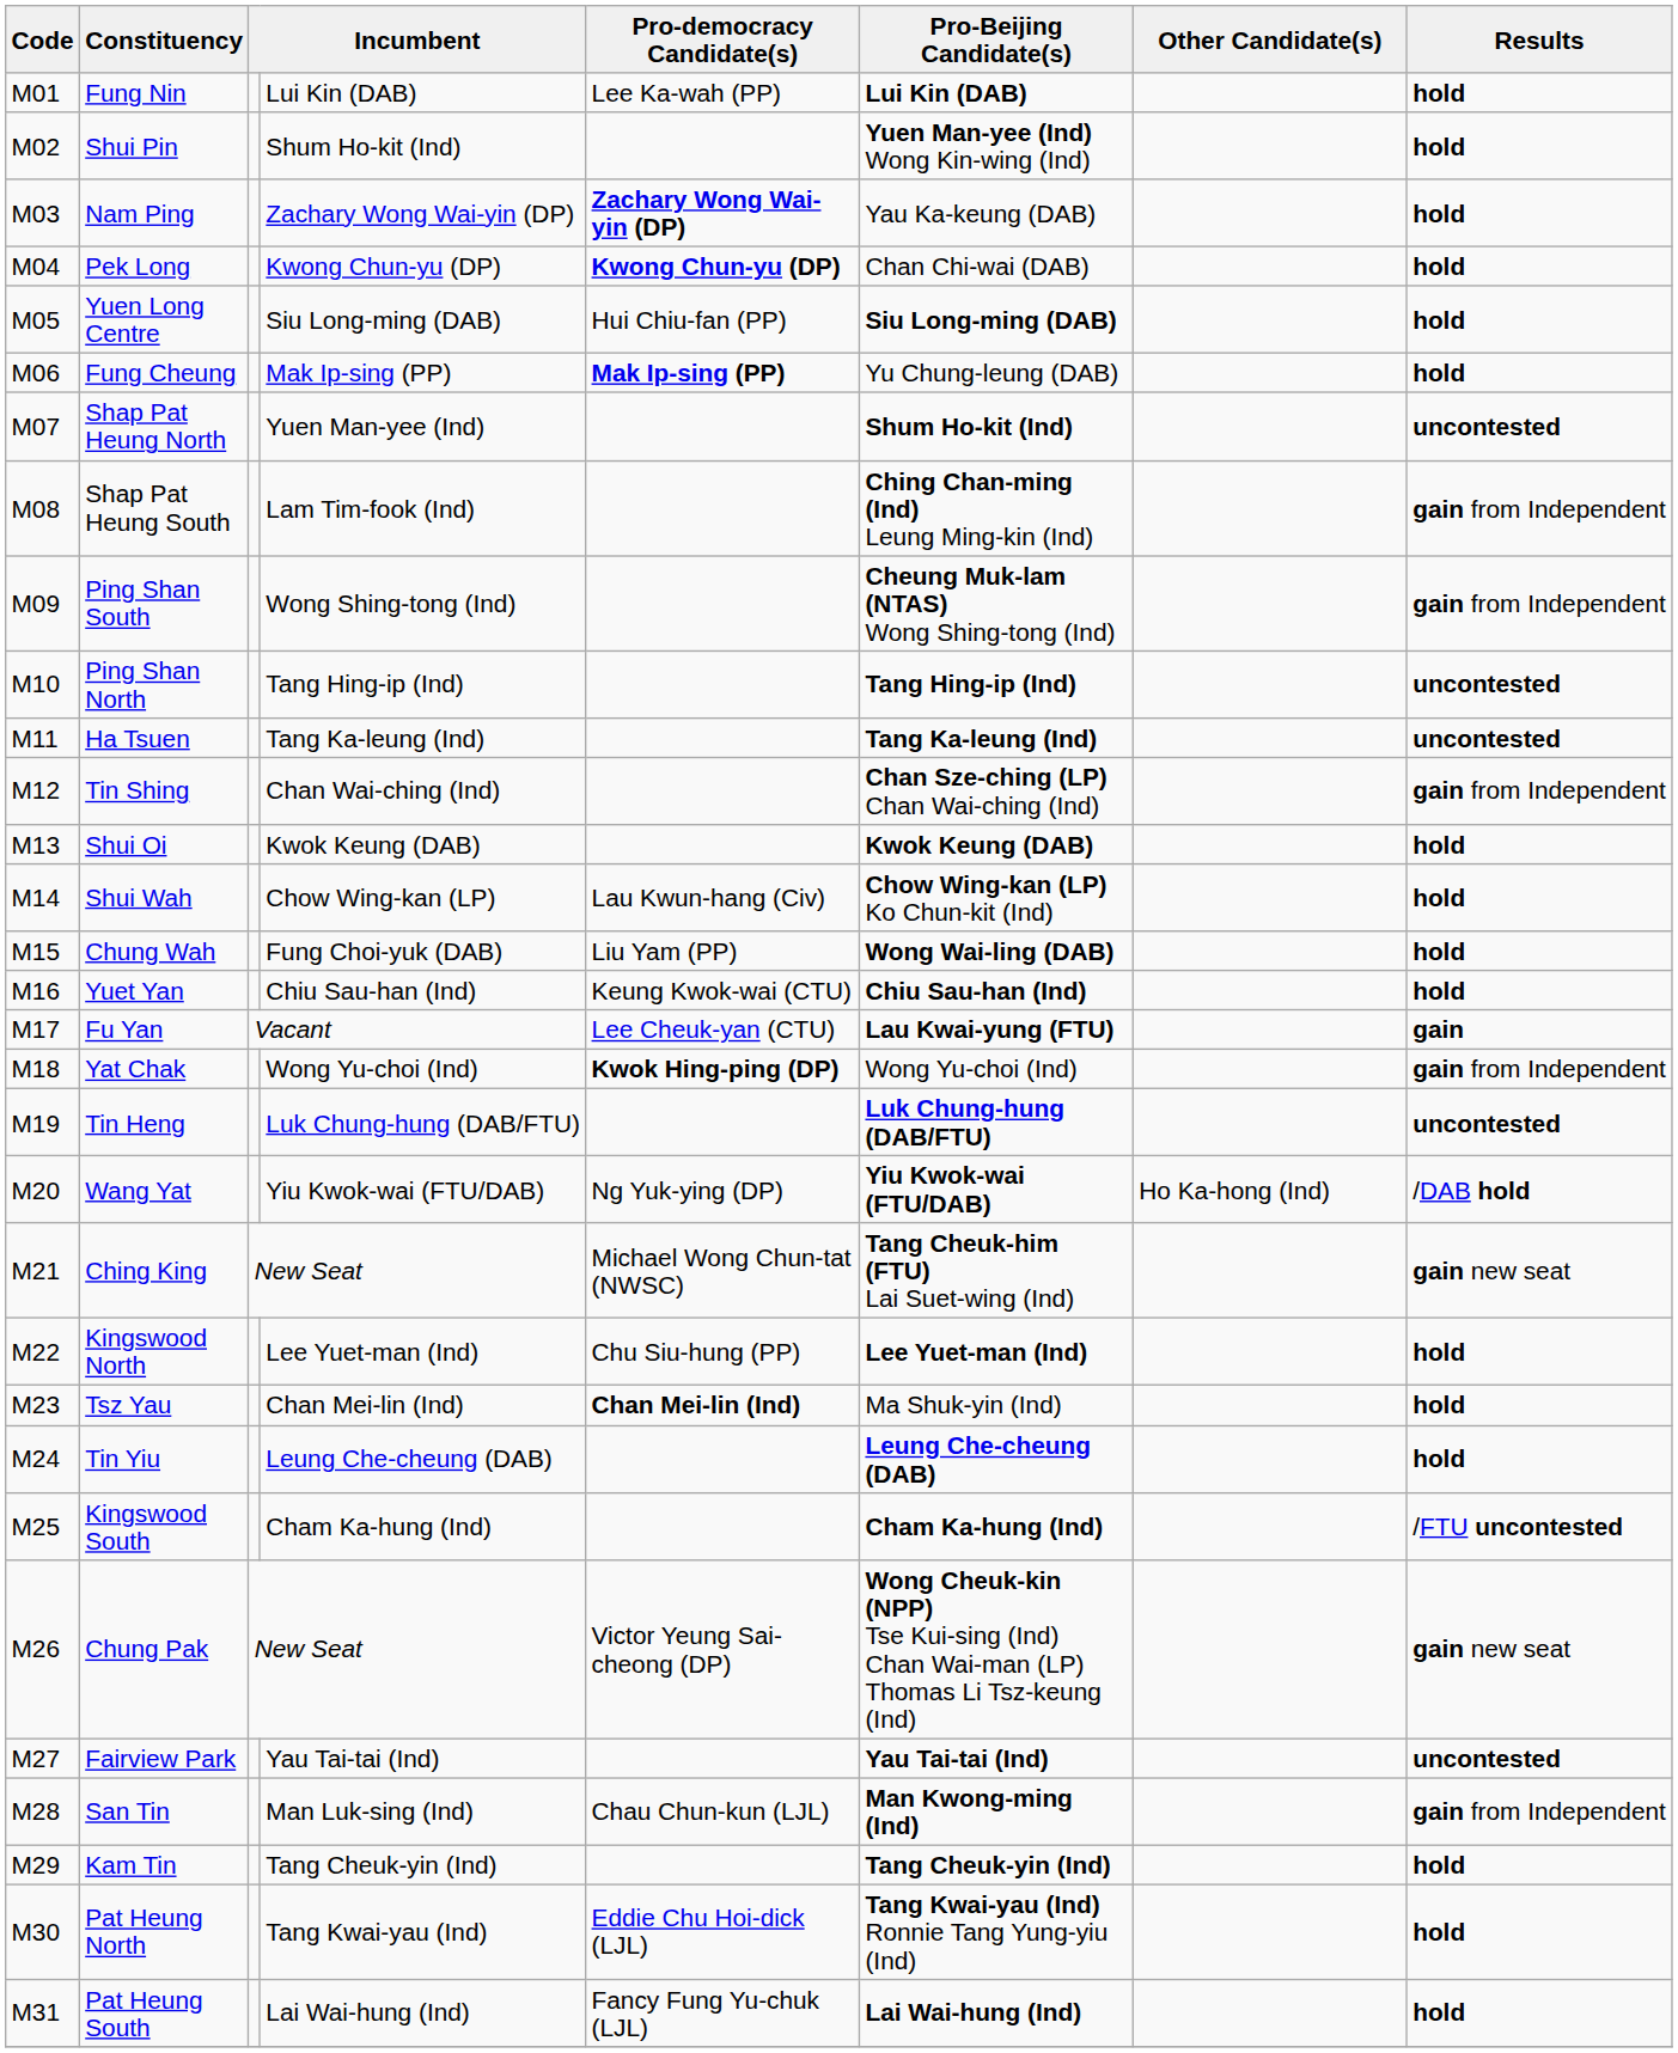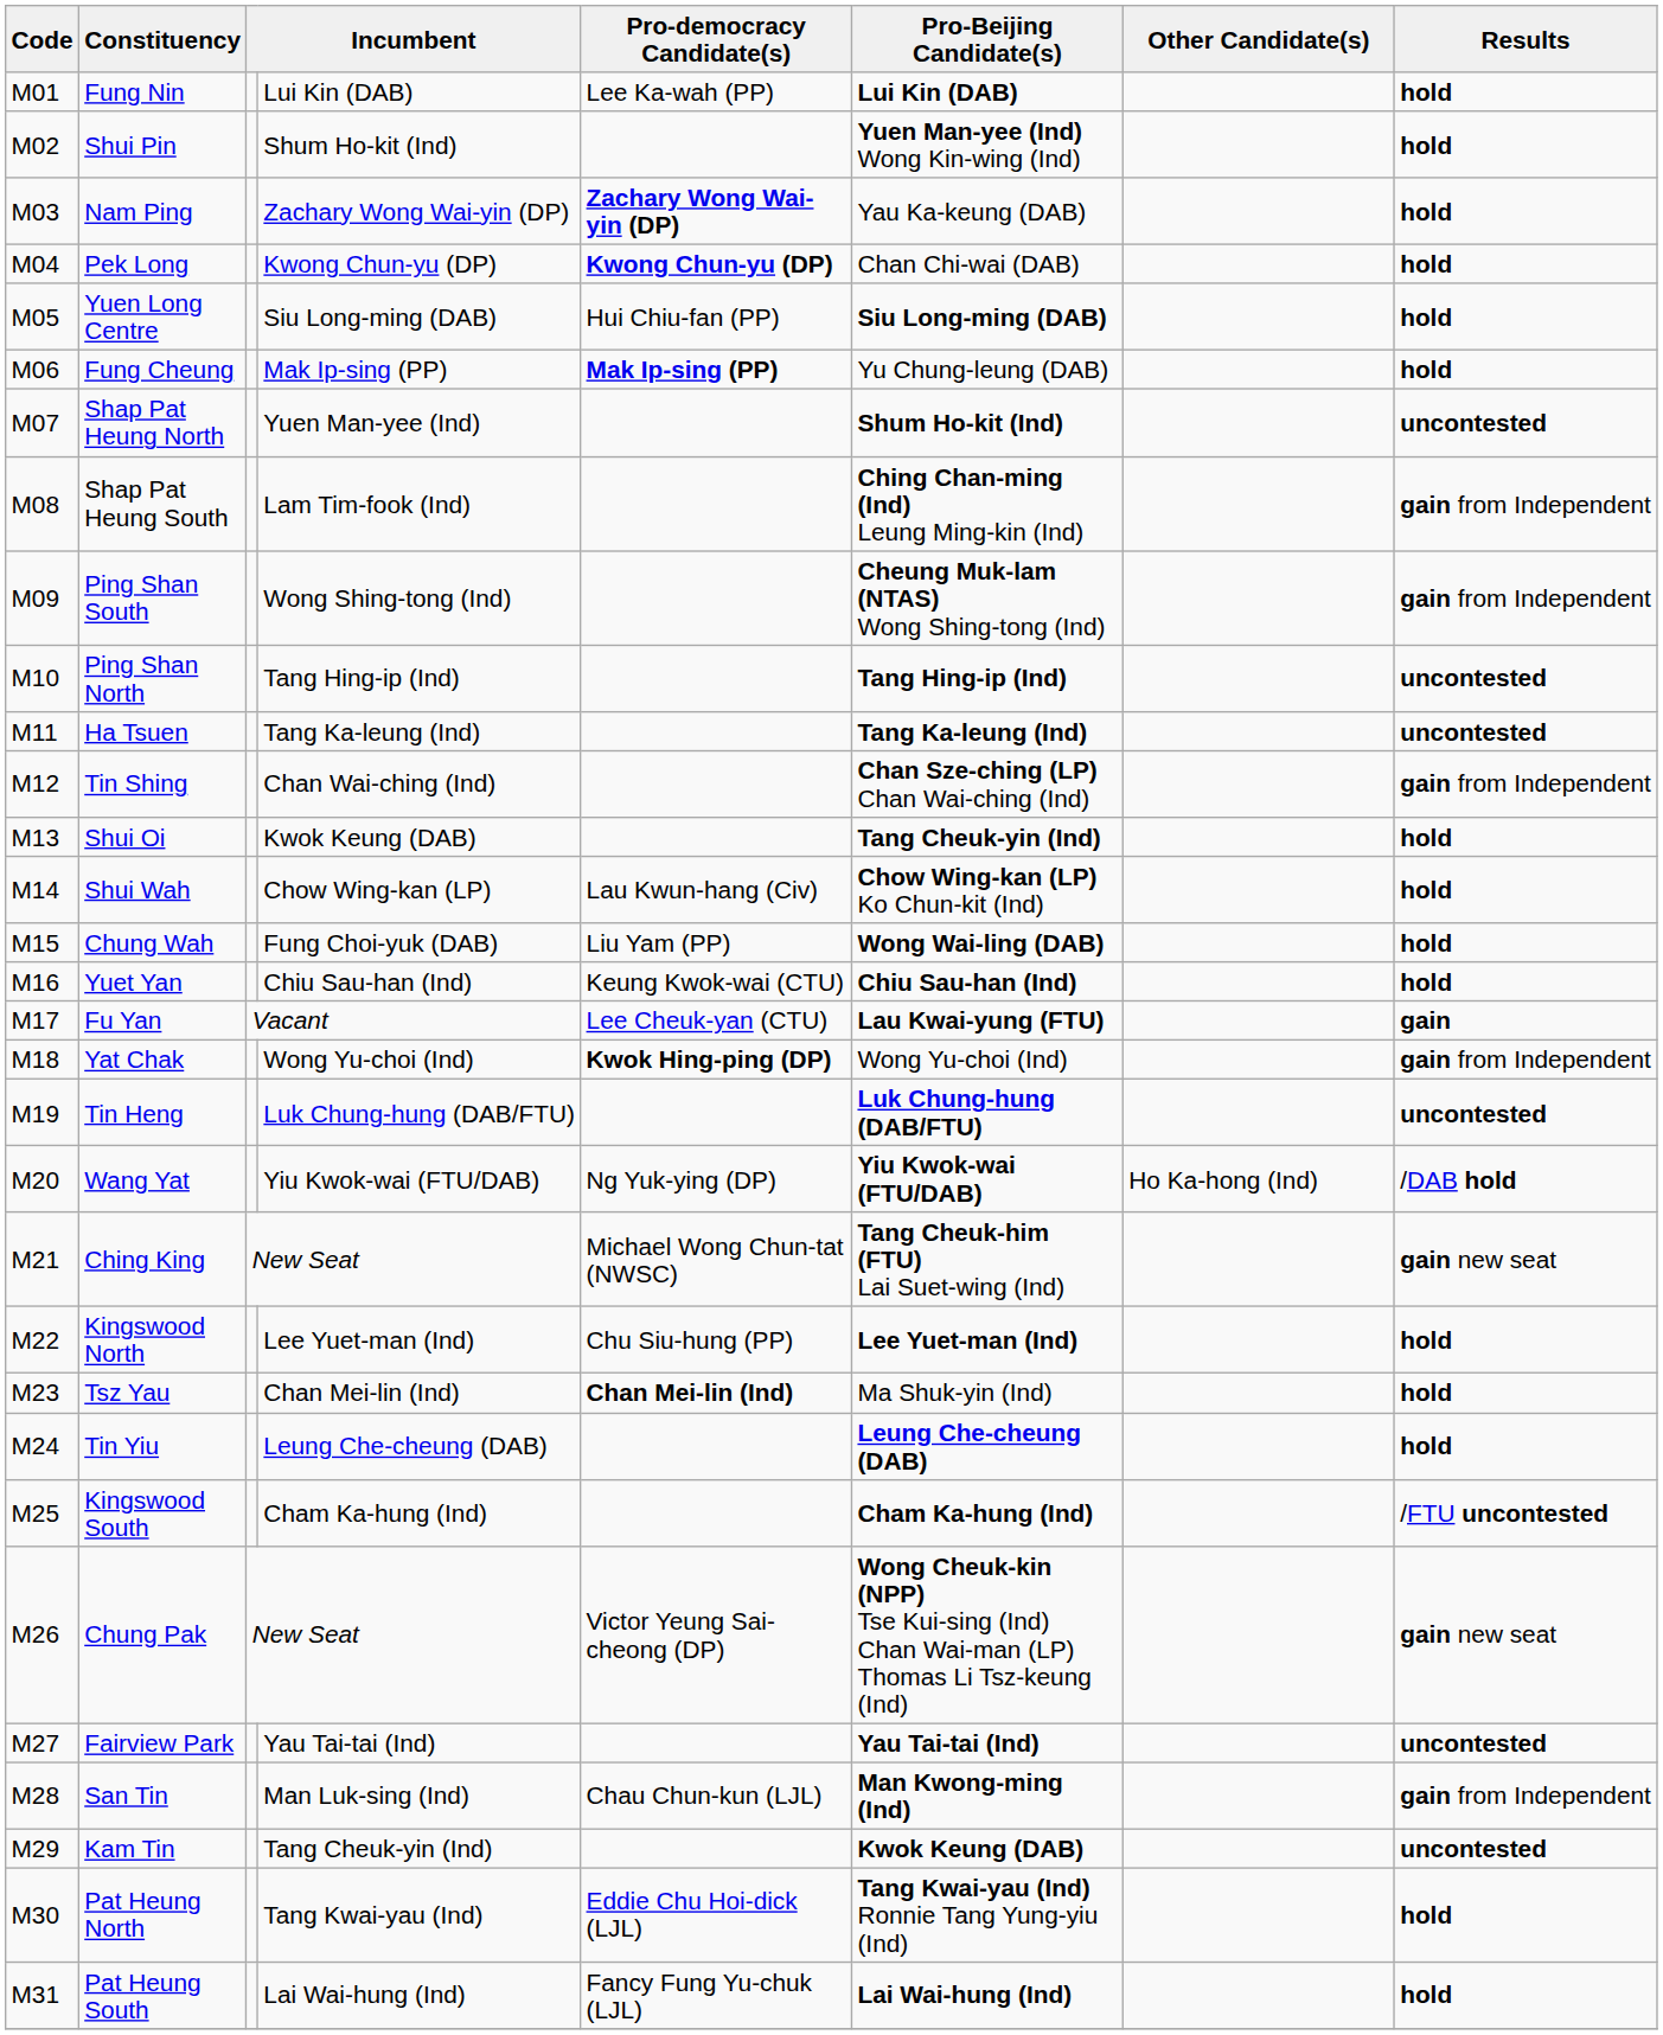 <table class="wikitable" style="font-size: 95%;">
 <tr>
 <th align="center" style="background:#f0f0f0;" width="20px">Code</th>
 <th align="center" style="background:#f0f0f0;" width="90px">Constituency</th>
 <th align="center" style="background:#f0f0f0;" width="120px" colspan=2>Incumbent</th>
 <th align="center" style="background:#f0f0f0;" width="160px">Pro-democracy Candidate(s)</th>
 <th align="center" style="background:#f0f0f0;" width="160px">Pro-Beijing Candidate(s)</th>
 <th align="center" style="background:#f0f0f0;" width="160px">Other Candidate(s)</th>
 <th align="center" style="background:#f0f0f0;" width="100px" colspan="2">Results</th>
 </tr>
 <tr>
 <td>M01</td>
 <td><a href='#'>Fung Nin</a></td>
 <td></td>
 <td>Lui Kin (DAB)</td>
 <td>Lee Ka-wah (PP)</td>
 <td><strong> Lui Kin (DAB)</strong></td>
 <td></td>
 <td> <strong>hold</strong></td>
 </tr>
 <tr>
 <td>M02</td>
 <td><a href='#'>Shui Pin</a></td>
 <td></td>
 <td>Shum Ho-kit (Ind)</td>
 <td></td>
 <td><strong>Yuen Man-yee (Ind)</strong><br>Wong Kin-wing (Ind)</td>
 <td></td>
 <td> <strong>hold</strong></td>
 </tr>
 <tr>
 <td>M03</td>
 <td><a href='#'>Nam Ping</a></td>
 <td></td>
 <td><a href='#'>Zachary Wong Wai-yin</a> (DP)</td>
 <td><strong><a href='#'>Zachary Wong Wai-yin</a> (DP)</strong></td>
 <td>Yau Ka-keung (DAB)</td>
 <td></td>
 <td> <strong>hold</strong></td>
 </tr>
 <tr>
 <td>M04</td>
 <td><a href='#'>Pek Long</a></td>
 <td></td>
 <td><a href='#'>Kwong Chun-yu</a> (DP)</td>
 <td><strong><a href='#'>Kwong Chun-yu</a> (DP)</strong></td>
 <td>Chan Chi-wai (DAB)</td>
 <td></td>
 <td> <strong>hold</strong></td>
 </tr>
 <tr>
 <td>M05</td>
 <td><a href='#'>Yuen Long Centre</a></td>
 <td></td>
 <td>Siu Long-ming (DAB)</td>
 <td>Hui Chiu-fan (PP)</td>
 <td><strong> Siu Long-ming (DAB)</strong></td>
 <td></td>
 <td> <strong>hold</strong></td>
 </tr>
 <tr>
 <td>M06</td>
 <td><a href='#'>Fung Cheung</a></td>
 <td></td>
 <td><a href='#'>Mak Ip-sing</a> (PP)</td>
 <td><strong><a href='#'>Mak Ip-sing</a> (PP)</strong></td>
 <td>Yu Chung-leung (DAB)</td>
 <td></td>
 <td> <strong>hold</strong></td>
 </tr>
 <tr>
 <td>M07</td>
 <td><a href='#'>Shap Pat Heung North</a></td>
 <td></td>
 <td>Yuen Man-yee (Ind)</td>
 <td></td>
 <td><strong>Shum Ho-kit (Ind)</strong></td>
 <td></td>
 <td> <strong>uncontested</strong></td>
 </tr>
 <tr>
 <td>M08</td>
 <td>Shap Pat Heung South</td>
 <td></td>
 <td>Lam Tim-fook (Ind)</td>
 <td></td>
 <td><strong>Ching Chan-ming (Ind)</strong><br>Leung Ming-kin (Ind)</td>
 <td></td>
 <td> <strong>gain</strong> from Independent</td>
 </tr>
 <tr>
 <td>M09</td>
 <td><a href='#'>Ping Shan South</a></td>
 <td></td>
 <td>Wong Shing-tong (Ind)</td>
 <td></td>
 <td><strong>Cheung Muk-lam (NTAS)</strong><br>Wong Shing-tong (Ind)</td>
 <td></td>
 <td> <strong>gain</strong> from Independent</td>
 </tr>
 <tr>
 <td>M10</td>
 <td><a href='#'>Ping Shan North</a></td>
 <td></td>
 <td>Tang Hing-ip (Ind)</td>
 <td></td>
 <td><strong>Tang Hing-ip (Ind)</strong></td>
 <td></td>
 <td> <strong>uncontested</strong></td>
 </tr>
 <tr>
 <td>M11</td>
 <td><a href='#'>Ha Tsuen</a></td>
 <td></td>
 <td>Tang Ka-leung (Ind)</td>
 <td></td>
 <td><strong>Tang Ka-leung (Ind)</strong></td>
 <td></td>
 <td> <strong>uncontested</strong></td>
 </tr>
 <tr>
 <td>M12</td>
 <td><a href='#'>Tin Shing</a></td>
 <td></td>
 <td>Chan Wai-ching (Ind)</td>
 <td></td>
 <td><strong>Chan Sze-ching (LP)</strong><br>Chan Wai-ching (Ind)</td>
 <td></td>
 <td> <strong>gain</strong> from Independent</td>
 </tr>
 <tr>
 <td>M13</td>
 <td><a href='#'>Shui Oi</a></td>
 <td></td>
 <td>Kwok Keung (DAB)</td>
 <td></td>
-<td><strong>Kwok Keung (DAB)</strong></td>
+<td><strong> Tang Cheuk-yin (Ind)</strong></td>
 <td></td>
 <td> <strong>hold</strong></td>
 </tr>
 <tr>
 <td>M14</td>
 <td><a href='#'>Shui Wah</a></td>
 <td></td>
 <td>Chow Wing-kan (LP)</td>
 <td>Lau Kwun-hang (Civ)</td>
 <td><strong>Chow Wing-kan (LP)</strong><br>Ko Chun-kit (Ind)</td>
 <td></td>
 <td> <strong>hold</strong></td>
 </tr>
 <tr>
 <td>M15</td>
 <td><a href='#'>Chung Wah</a></td>
 <td></td>
 <td>Fung Choi-yuk (DAB)</td>
 <td>Liu Yam (PP)</td>
 <td><strong>Wong Wai-ling (DAB)</strong></td>
 <td></td>
 <td> <strong>hold</strong></td>
 </tr>
 <tr>
 <td>M16</td>
 <td><a href='#'>Yuet Yan</a></td>
 <td></td>
 <td>Chiu Sau-han (Ind)</td>
 <td>Keung Kwok-wai (CTU)</td>
 <td><strong> Chiu Sau-han (Ind)</strong></td>
 <td></td>
 <td> <strong>hold</strong></td>
 </tr>
 <tr>
 <td>M17</td>
 <td><a href='#'>Fu Yan</a></td>
 <td colspan=2><em>Vacant</em></td>
 <td><a href='#'>Lee Cheuk-yan</a> (CTU)</td>
 <td><strong>Lau Kwai-yung (FTU)</strong></td>
 <td></td>
 <td> <strong>gain</strong></td>
 </tr>
 <tr>
 <td>M18</td>
 <td><a href='#'>Yat Chak</a></td>
 <td></td>
 <td>Wong Yu-choi (Ind)</td>
 <td><strong>Kwok Hing-ping (DP)</strong></td>
 <td>Wong Yu-choi (Ind)</td>
 <td></td>
 <td> <strong>gain</strong> from Independent</td>
 </tr>
 <tr>
 <td>M19</td>
 <td><a href='#'>Tin Heng</a></td>
 <td></td>
 <td><a href='#'>Luk Chung-hung</a> (DAB/FTU)</td>
 <td></td>
 <td><strong><a href='#'>Luk Chung-hung</a> (DAB/FTU)</strong></td>
 <td></td>
 <td> <strong>uncontested</strong></td>
 </tr>
 <tr>
 <td>M20</td>
 <td><a href='#'>Wang Yat</a></td>
 <td></td>
 <td>Yiu Kwok-wai (FTU/DAB)</td>
 <td>Ng Yuk-ying (DP)</td>
 <td><strong>Yiu Kwok-wai (FTU/DAB) </strong></td>
 <td>Ho Ka-hong (Ind)</td>
 <td>/<a href='#'>DAB</a> <strong>hold</strong></td>
 </tr>
 <tr>
 <td>M21</td>
 <td><a href='#'>Ching King</a></td>
 <td colspan=2><em>New Seat</em></td>
 <td>Michael Wong Chun-tat (NWSC)</td>
 <td><strong>Tang Cheuk-him (FTU)</strong><br>Lai Suet-wing (Ind)</td>
 <td></td>
 <td> <strong>gain</strong> new seat</td>
 </tr>
 <tr>
 <td>M22</td>
 <td><a href='#'>Kingswood North</a></td>
 <td></td>
 <td>Lee Yuet-man (Ind)</td>
 <td>Chu Siu-hung (PP)</td>
 <td><strong>Lee Yuet-man (Ind)</strong></td>
 <td></td>
 <td> <strong>hold</strong></td>
 </tr>
 <tr>
 <td>M23</td>
 <td><a href='#'>Tsz Yau</a></td>
 <td></td>
 <td>Chan Mei-lin (Ind)</td>
 <td><strong>Chan Mei-lin (Ind)</strong></td>
 <td>Ma Shuk-yin (Ind) </td>
 <td></td>
 <td> <strong>hold</strong></td>
 </tr>
 <tr>
 <td>M24</td>
 <td><a href='#'>Tin Yiu</a></td>
 <td></td>
 <td><a href='#'>Leung Che-cheung</a> (DAB)</td>
 <td></td>
 <td><strong><a href='#'>Leung Che-cheung</a> (DAB)</strong></td>
 <td></td>
 <td> <strong>hold</strong></td>
 </tr>
 <tr>
 <td>M25</td>
 <td><a href='#'>Kingswood South</a></td>
 <td></td>
 <td>Cham Ka-hung (Ind)</td>
 <td></td>
 <td><strong>Cham Ka-hung (Ind)</strong></td>
 <td></td>
 <td>/<a href='#'>FTU</a> <strong>uncontested</strong></td>
 </tr>
 <tr>
 <td>M26</td>
 <td><a href='#'>Chung Pak</a></td>
 <td colspan=2><em>New Seat</em></td>
 <td>Victor Yeung Sai-cheong (DP)</td>
 <td><strong>Wong Cheuk-kin (NPP)</strong><br>Tse Kui-sing (Ind)<br>Chan Wai-man (LP)<br>Thomas Li Tsz-keung (Ind)</td>
 <td></td>
 <td> <strong>gain</strong> new seat</td>
 </tr>
 <tr>
 <td>M27</td>
 <td><a href='#'>Fairview Park</a></td>
 <td></td>
 <td>Yau Tai-tai (Ind)</td>
 <td></td>
 <td><strong>Yau Tai-tai (Ind)</strong></td>
 <td></td>
 <td> <strong>uncontested</strong></td>
 </tr>
 <tr>
 <td>M28</td>
 <td><a href='#'>San Tin</a></td>
 <td></td>
 <td>Man Luk-sing (Ind)</td>
 <td>Chau Chun-kun (LJL)</td>
 <td><strong>Man Kwong-ming (Ind)</strong></td>
 <td></td>
 <td> <strong>gain</strong> from Independent</td>
 </tr>
 <tr>
 <td>M29</td>
 <td><a href='#'>Kam Tin</a></td>
 <td></td>
 <td>Tang Cheuk-yin (Ind)</td>
 <td></td>
-<td><strong> Tang Cheuk-yin (Ind)</strong></td>
+<td><strong>Kwok Keung (DAB)</strong></td>
 <td></td>
-<td> <strong>hold</strong></td>
+<td> <strong>uncontested</strong></td>
 </tr>
 <tr>
 <td>M30</td>
 <td><a href='#'>Pat Heung North</a></td>
 <td></td>
 <td>Tang Kwai-yau (Ind)</td>
 <td><a href='#'>Eddie Chu Hoi-dick</a> (LJL)</td>
 <td><strong>Tang Kwai-yau (Ind)</strong> <br>Ronnie Tang Yung-yiu (Ind)</td>
 <td></td>
 <td> <strong>hold</strong></td>
 </tr>
 <tr>
 <td>M31</td>
 <td><a href='#'>Pat Heung South</a></td>
 <td></td>
 <td>Lai Wai-hung (Ind)</td>
 <td>Fancy Fung Yu-chuk (LJL)</td>
 <td><strong>Lai Wai-hung (Ind)</strong></td>
 <td></td>
 <td> <strong>hold</strong></td>
 </tr>
 <tr>
 </tr>
 </table>
